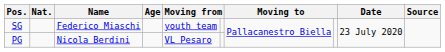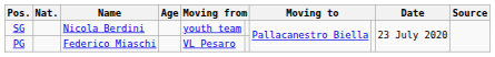 <table class="wikitable sortable"style="text-align:center;">
 <tr>
 <th>Pos.</th>
 <th>Nat.</th>
 <th>Name</th>
 <th>Age</th>
 <th colspan=2>Moving from</th>
 <th colspan=2>Moving to</th>
 <th>Date</th>
 <th>Source</th>
 </tr>
 <tr>
 <td><a href='#'>SG</a></td>
 <td></td>
-<td style="text-align:left;"><a href='#'>Federico Miaschi</a></td>
+<td style="text-align:left;"><a href='#'>Nicola Berdini</a></td>
 <td></td>
 <td style="text-align:left;"><a href='#'>youth team</a></td>
 <td></td>
 <td rowspan=2 style="text-align:left;"><a href='#'>Pallacanestro Biella</a></td>
 <td rowspan=2></td>
 <td rowspan=2>23 July 2020</td>
 <td rowspan=2></td>
 </tr>
 <tr>
 <td><a href='#'>PG</a></td>
 <td></td>
-<td style="text-align:left;"><a href='#'>Nicola Berdini</a></td>
+<td style="text-align:left;"><a href='#'>Federico Miaschi</a></td>
 <td></td>
 <td style="text-align:left;"><a href='#'>VL Pesaro</a></td>
 <td></td>
 </tr>
 </table>
